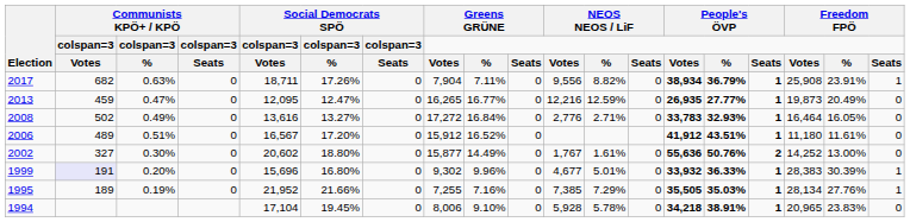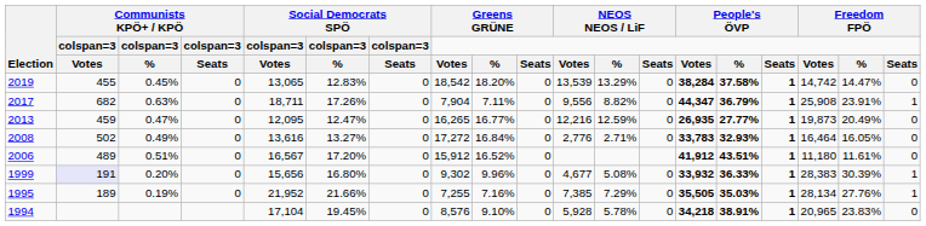 <table class="wikitable" border="1" style="font-size:100%; text-align:right;">
 <tr>
 <th style="text-align:left;" valign=bottom rowspan=3>Election</th>
 <th valign=bottom colspan=3><a href='#'>Communists</a><br>KPÖ+ / KPÖ</th>
 <th valign=bottom colspan=3><a href='#'>Social Democrats</a><br>SPÖ</th>
 <th valign=bottom colspan=3><a href='#'>Greens</a><br>GRÜNE</th>
 <th valign=bottom colspan=3><a href='#'>NEOS</a><br>NEOS / LiF</th>
 <th valign=bottom colspan=3><a href='#'>People's</a><br>ÖVP</th>
 <th valign=bottom colspan=3><a href='#'>Freedom</a><br>FPÖ</th>
 </tr>
 <tr>
 <th>colspan=3 </th>
 <th>colspan=3 </th>
 <th>colspan=3 </th>
 <th>colspan=3 </th>
 <th>colspan=3 </th>
 <th>colspan=3 </th>
 </tr>
 <tr>
 <th>Votes</th>
 <th>%</th>
 <th>Seats</th>
 <th>Votes</th>
 <th>%</th>
 <th>Seats</th>
 <th>Votes</th>
 <th>%</th>
 <th>Seats</th>
 <th>Votes</th>
 <th>%</th>
 <th>Seats</th>
 <th>Votes</th>
 <th>%</th>
 <th>Seats</th>
 <th>Votes</th>
 <th>%</th>
 <th>Seats</th>
 </tr>
 <tr>
+<td align=left><a href='#'>2019</a></td>
+<td>455</td>
+<td>0.45%</td>
+<td>0</td>
+<td>13,065</td>
+<td>12.83%</td>
+<td>0</td>
+<td>18,542</td>
+<td>18.20%</td>
+<td>0</td>
+<td>13,539</td>
+<td>13.29%</td>
+<td>0</td>
+<td><strong>38,284</strong></td>
+<td><strong>37.58%</strong></td>
+<td><strong>1</strong></td>
+<td>14,742</td>
+<td>14.47%</td>
+<td>0</td>
+</tr>
+<tr>
 <td align=left><a href='#'>2017</a></td>
 <td>682</td>
 <td>0.63%</td>
 <td>0</td>
 <td>18,711</td>
 <td>17.26%</td>
 <td>0</td>
 <td>7,904</td>
 <td>7.11%</td>
 <td>0</td>
 <td>9,556</td>
 <td>8.82%</td>
 <td>0</td>
-<td><strong>38,934</strong></td>
+<td><strong>44,347</strong></td>
 <td><strong>36.79%</strong></td>
 <td><strong>1</strong></td>
 <td>25,908</td>
 <td>23.91%</td>
 <td>1</td>
 </tr>
 <tr>
 <td align=left><a href='#'>2013</a></td>
 <td>459</td>
 <td>0.47%</td>
 <td>0</td>
 <td>12,095</td>
 <td>12.47%</td>
 <td>0</td>
 <td>16,265</td>
 <td>16.77%</td>
 <td>0</td>
 <td>12,216</td>
 <td>12.59%</td>
 <td>0</td>
 <td><strong>26,935</strong></td>
 <td><strong>27.77%</strong></td>
 <td><strong>1</strong></td>
 <td>19,873</td>
 <td>20.49%</td>
 <td>0</td>
 </tr>
 <tr>
 <td align=left><a href='#'>2008</a></td>
 <td>502</td>
 <td>0.49%</td>
 <td>0</td>
 <td>13,616</td>
 <td>13.27%</td>
 <td>0</td>
 <td>17,272</td>
 <td>16.84%</td>
 <td>0</td>
 <td>2,776</td>
 <td>2.71%</td>
 <td>0</td>
 <td><strong>33,783</strong></td>
 <td><strong>32.93%</strong></td>
 <td><strong>1</strong></td>
 <td>16,464</td>
 <td>16.05%</td>
 <td>0</td>
 </tr>
 <tr>
 <td align=left><a href='#'>2006</a></td>
 <td>489</td>
 <td>0.51%</td>
 <td>0</td>
 <td>16,567</td>
 <td>17.20%</td>
 <td>0</td>
 <td>15,912</td>
 <td>16.52%</td>
 <td>0</td>
 <td></td>
 <td></td>
 <td></td>
 <td><strong>41,912</strong></td>
 <td><strong>43.51%</strong></td>
 <td><strong>1</strong></td>
 <td>11,180</td>
 <td>11.61%</td>
 <td>0</td>
 </tr>
 <tr>
-<td align=left><a href='#'>2002</a></td>
-<td>327</td>
-<td>0.30%</td>
-<td>0</td>
-<td>20,602</td>
-<td>18.80%</td>
-<td>0</td>
-<td>15,877</td>
-<td>14.49%</td>
-<td>0</td>
-<td>1,767</td>
-<td>1.61%</td>
-<td>0</td>
-<td><strong>55,636</strong></td>
-<td><strong>50.76%</strong></td>
-<td><strong>2</strong></td>
-<td>14,252</td>
-<td>13.00%</td>
-<td>0</td>
-</tr>
-<tr>
 <td align=left><a href='#'>1999</a></td>
 <td style="background: lavender;">191</td>
 <td>0.20%</td>
 <td>0</td>
-<td>15,696</td>
+<td>15,656</td>
 <td>16.80%</td>
 <td>0</td>
 <td>9,302</td>
 <td>9.96%</td>
 <td>0</td>
 <td>4,677</td>
-<td>5.01%</td>
+<td>5.08%</td>
 <td>0</td>
 <td><strong>33,932</strong></td>
 <td><strong>36.33%</strong></td>
 <td><strong>1</strong></td>
 <td>28,383</td>
 <td>30.39%</td>
 <td>1</td>
 </tr>
 <tr>
 <td align=left><a href='#'>1995</a></td>
 <td>189</td>
 <td>0.19%</td>
 <td>0</td>
 <td>21,952</td>
 <td>21.66%</td>
 <td>0</td>
 <td>7,255</td>
 <td>7.16%</td>
 <td>0</td>
 <td>7,385</td>
 <td>7.29%</td>
 <td>0</td>
 <td><strong>35,505</strong></td>
 <td><strong>35.03%</strong></td>
 <td><strong>1</strong></td>
 <td>28,134</td>
 <td>27.76%</td>
 <td>1</td>
 </tr>
 <tr>
 <td align=left><a href='#'>1994</a></td>
 <td></td>
 <td></td>
 <td></td>
 <td>17,104</td>
 <td>19.45%</td>
 <td>0</td>
-<td>8,006</td>
+<td>8,576</td>
 <td>9.10%</td>
 <td>0</td>
 <td>5,928</td>
 <td>5.78%</td>
 <td>0</td>
 <td><strong>34,218</strong></td>
 <td><strong>38.91%</strong></td>
 <td><strong>1</strong></td>
 <td>20,965</td>
 <td>23.83%</td>
 <td>0</td>
 </tr>
 </table>
